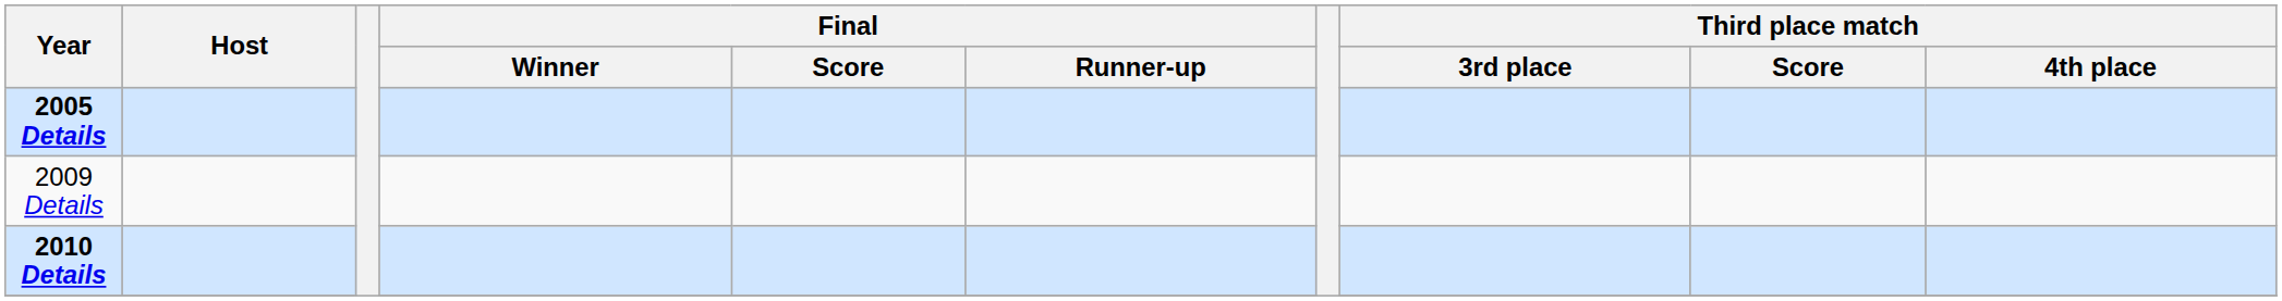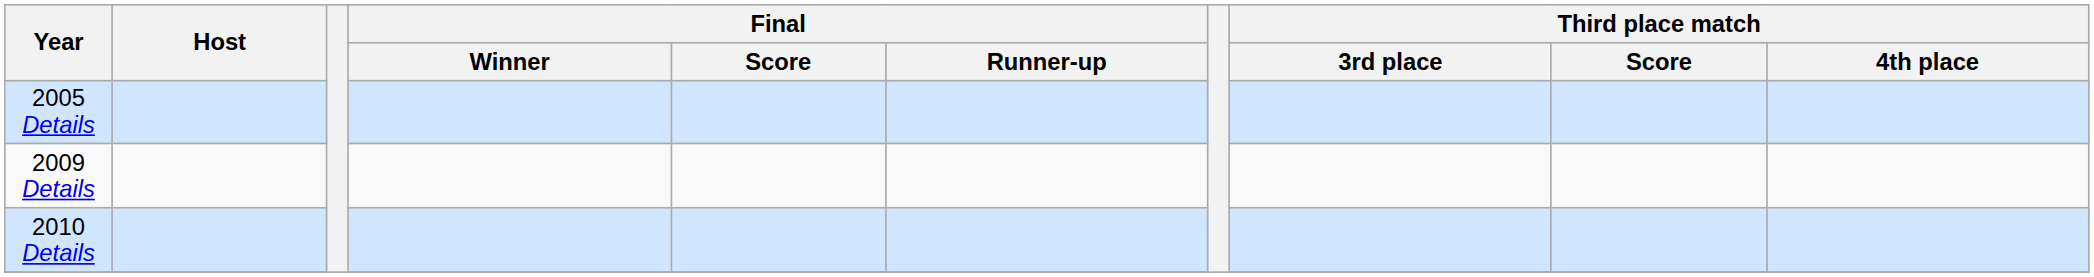 <table class="wikitable" style="font-size: 90%; text-align: center; width: 100%;">
 <tr>
 <th rowspan="2" width="5%">Year</th>
 <th rowspan="2" width="10%">Host</th>
 <th width="1%" rowspan="7"></th>
 <th colspan="3">Final</th>
 <th width="1%" rowspan="7"></th>
 <th colspan="3">Third place match</th>
 </tr>
 <tr>
 <th width="15%">Winner</th>
 <th width="10%">Score</th>
 <th width="15%">Runner-up</th>
 <th width="15%">3rd place</th>
 <th width="10%">Score</th>
 <th width="15%">4th place</th>
 </tr>
 <tr style="background: #D0E6FF;">
-<td><strong>2005<br><em><a href='#'>Details</a></em></strong></td>
+<td>2005<br><em><a href='#'>Details</a></em></td>
 <td align=left></td>
 <td><strong></strong></td>
 <td></td>
 <td></td>
 <td></td>
 <td></td>
 <td></td>
 </tr>
 <tr>
 <td>2009<br><em><a href='#'>Details</a></em></td>
 <td align=left></td>
 <td><strong></strong></td>
 <td></td>
 <td></td>
 <td></td>
 <td></td>
 <td></td>
 </tr>
 <tr style="background: #D0E6FF;">
-<td><strong>2010<br><em><a href='#'>Details</a></em></strong></td>
+<td>2010<br><em><a href='#'>Details</a></em></td>
 <td align=left></td>
 <td><strong></strong></td>
 <td></td>
 <td></td>
 <td></td>
 <td></td>
 <td></td>
 </tr>
 <tr>
 </tr>
 </table>
